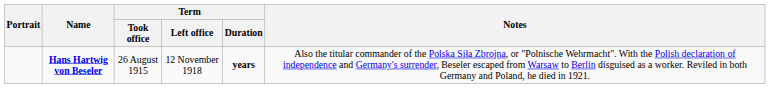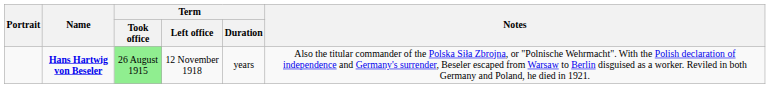 <table class="wikitable" style="text-align:center;">
 <tr>
 <th rowspan=2>Portrait</th>
 <th rowspan=2>Name<br></th>
 <th colspan=3>Term</th>
 <th rowspan=2>Notes</th>
 </tr>
 <tr>
 <th>Took office</th>
 <th>Left office</th>
 <th>Duration</th>
 </tr>
 <tr>
 <td></td>
 <td><strong><a href='#'>Hans Hartwig von Beseler</a></strong><br></td>
-<td>26 August 1915</td>
+<td style="background: lightgreen;">26 August 1915</td>
 <td>12 November 1918</td>
-<td><strong> years</strong></td>
+<td> years</td>
 <td>Also the titular commander of the <a href='#'>Polska Siła Zbrojna</a>, or "Polnische Wehrmacht". With the <a href='#'>Polish declaration of independence</a> and <a href='#'>Germany's surrender</a>, Beseler escaped from <a href='#'>Warsaw</a> to <a href='#'>Berlin</a> disguised as a worker. Reviled in both Germany and Poland, he died in 1921.</td>
 </tr>
 </table>
